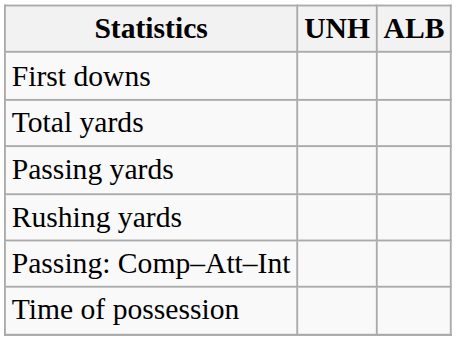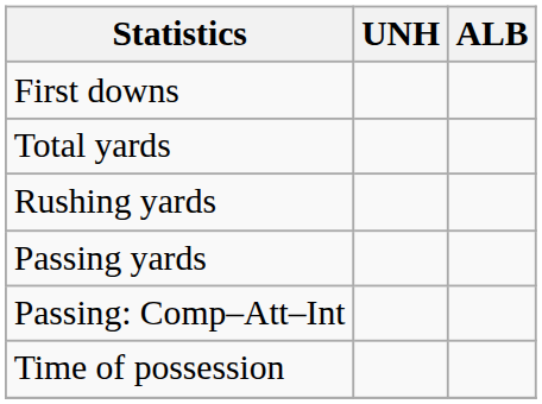 <table class="wikitable" style="float: left;">
 <tr>
 <th>Statistics</th>
 <th>UNH</th>
 <th>ALB</th>
 </tr>
 <tr>
 <td>First downs</td>
 <td></td>
 <td></td>
 </tr>
 <tr>
 <td>Total yards</td>
 <td></td>
 <td></td>
 </tr>
 <tr>
-<td>Passing yards</td>
+<td>Rushing yards</td>
 <td></td>
 <td></td>
 </tr>
 <tr>
-<td>Rushing yards</td>
+<td>Passing yards</td>
 <td></td>
 <td></td>
 </tr>
 <tr>
 <td>Passing: Comp–Att–Int</td>
 <td></td>
 <td></td>
 </tr>
 <tr>
 <td>Time of possession</td>
 <td></td>
 <td></td>
 </tr>
 <tr>
 </tr>
 </table>
